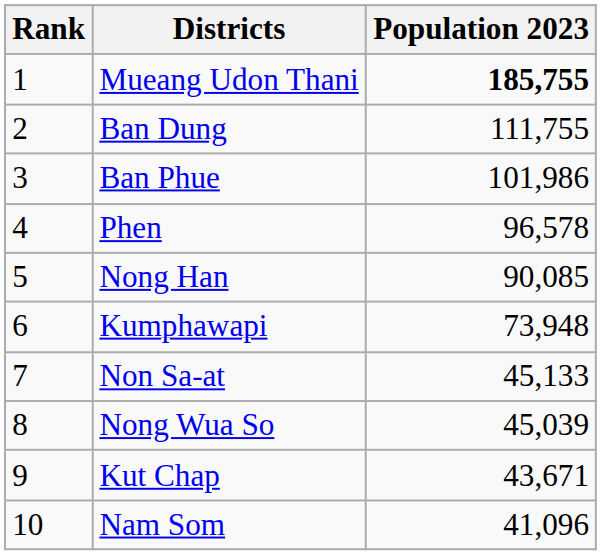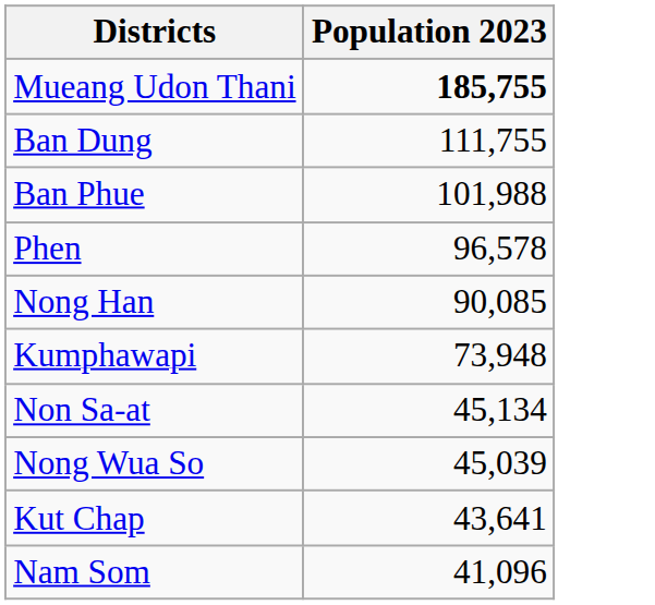 <table class="wikitable" style="text-align:right; margin-right:60px; display:inline-table;">
 <tr>
-<th>Rank</th>
 <th>Districts</th>
 <th>Population 2023</th>
 </tr>
 <tr>
-<td align=left>1</td>
 <td align=left><a href='#'>Mueang Udon Thani</a></td>
 <td><strong>185,755</strong></td>
 </tr>
 <tr>
-<td align=left>2</td>
 <td align=left><a href='#'>Ban Dung</a></td>
 <td>111,755</td>
 </tr>
 <tr>
-<td align=left>3</td>
 <td align=left><a href='#'>Ban Phue</a></td>
-<td>101,986</td>
+<td>101,988</td>
 </tr>
 <tr>
-<td align=left>4</td>
 <td align=left><a href='#'>Phen</a></td>
 <td>96,578</td>
 </tr>
 <tr>
-<td align=left>5</td>
 <td align=left><a href='#'>Nong Han</a></td>
 <td>90,085</td>
 </tr>
 <tr>
-<td align=left>6</td>
 <td align=left><a href='#'>Kumphawapi</a></td>
 <td>73,948</td>
 </tr>
 <tr>
-<td align=left>7</td>
 <td align=left><a href='#'>Non Sa-at</a></td>
-<td>45,133</td>
+<td>45,134</td>
 </tr>
 <tr>
-<td align=left>8</td>
 <td align=left><a href='#'>Nong Wua So</a></td>
 <td>45,039</td>
 </tr>
 <tr>
-<td align=left>9</td>
 <td align=left><a href='#'>Kut Chap</a></td>
-<td>43,671</td>
+<td>43,641</td>
 </tr>
 <tr>
-<td align=left>10</td>
 <td align=left><a href='#'>Nam Som</a></td>
 <td>41,096</td>
 </tr>
 </table>
